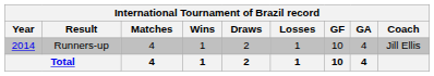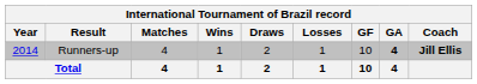 <table class="wikitable"  style="text-align:center; width:650px;">
 <tr>
 <th colspan=9><strong>International Tournament of Brazil record</strong></th>
 </tr>
 <tr>
 <th>Year</th>
 <th>Result</th>
 <th>Matches</th>
 <th>Wins</th>
 <th>Draws</th>
 <th>Losses</th>
 <th>GF</th>
 <th>GA</th>
 <th>Coach</th>
 </tr>
 <tr style="background:silver;">
 <td> <a href='#'>2014</a></td>
 <td>Runners-up</td>
 <td>4</td>
 <td>1</td>
 <td>2</td>
 <td>1</td>
 <td>10</td>
-<td>4</td>
-<td>Jill Ellis</td>
+<td><strong>4</strong></td>
+<td><strong>Jill Ellis</strong></td>
 </tr>
 <tr style="font-weight:bold;">
 <th colspan=2><a href='#'>Total</a></th>
 <th>4</th>
 <th>1</th>
 <th>2</th>
 <th>1</th>
 <th>10</th>
 <th>4</th>
 <th></th>
 </tr>
 </table>
